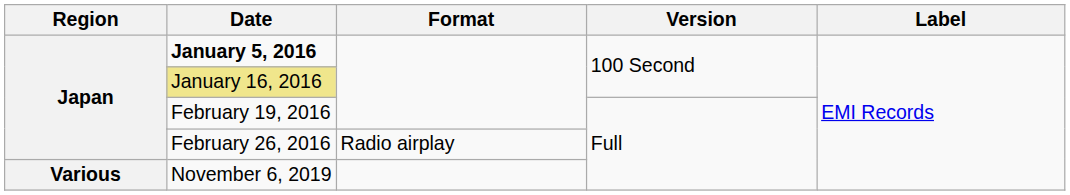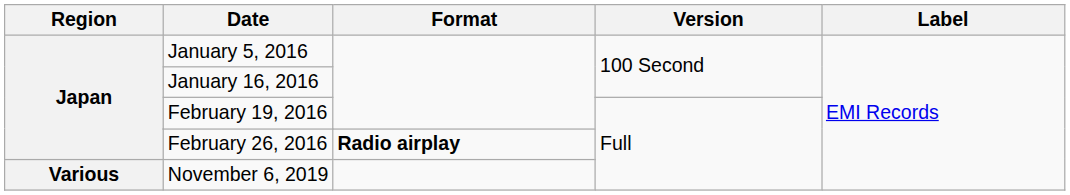 <table class="wikitable plainrowheaders">
 <tr>
 <th scope="col">Region</th>
 <th scope="col" width="16%">Date</th>
 <th scope="col">Format</th>
 <th scope="col">Version</th>
 <th scope="col">Label</th>
 </tr>
 <tr>
 <th rowspan="5" scope="row">Japan</th>
-<td><strong>January 5, 2016</strong></td>
+<td>January 5, 2016</td>
 <td rowspan="4"></td>
 <td rowspan="2">100 Second</td>
 <td rowspan="6"><a href='#'>EMI Records</a></td>
 </tr>
 <tr>
-<td style="background: khaki;">January 16, 2016</td>
+<td>January 16, 2016</td>
 </tr>
 <tr>
 <td>February 19, 2016</td>
 <td rowspan="4">Full</td>
 </tr>
 <tr>
 <td rowspan="2">February 26, 2016</td>
 </tr>
 <tr>
-<td>Radio airplay</td>
+<td><strong>Radio airplay</strong></td>
 </tr>
 <tr>
 <th rowspan="4" scope="row">Various</th>
 <td>November 6, 2019</td>
 <td></td>
 </tr>
 </table>
